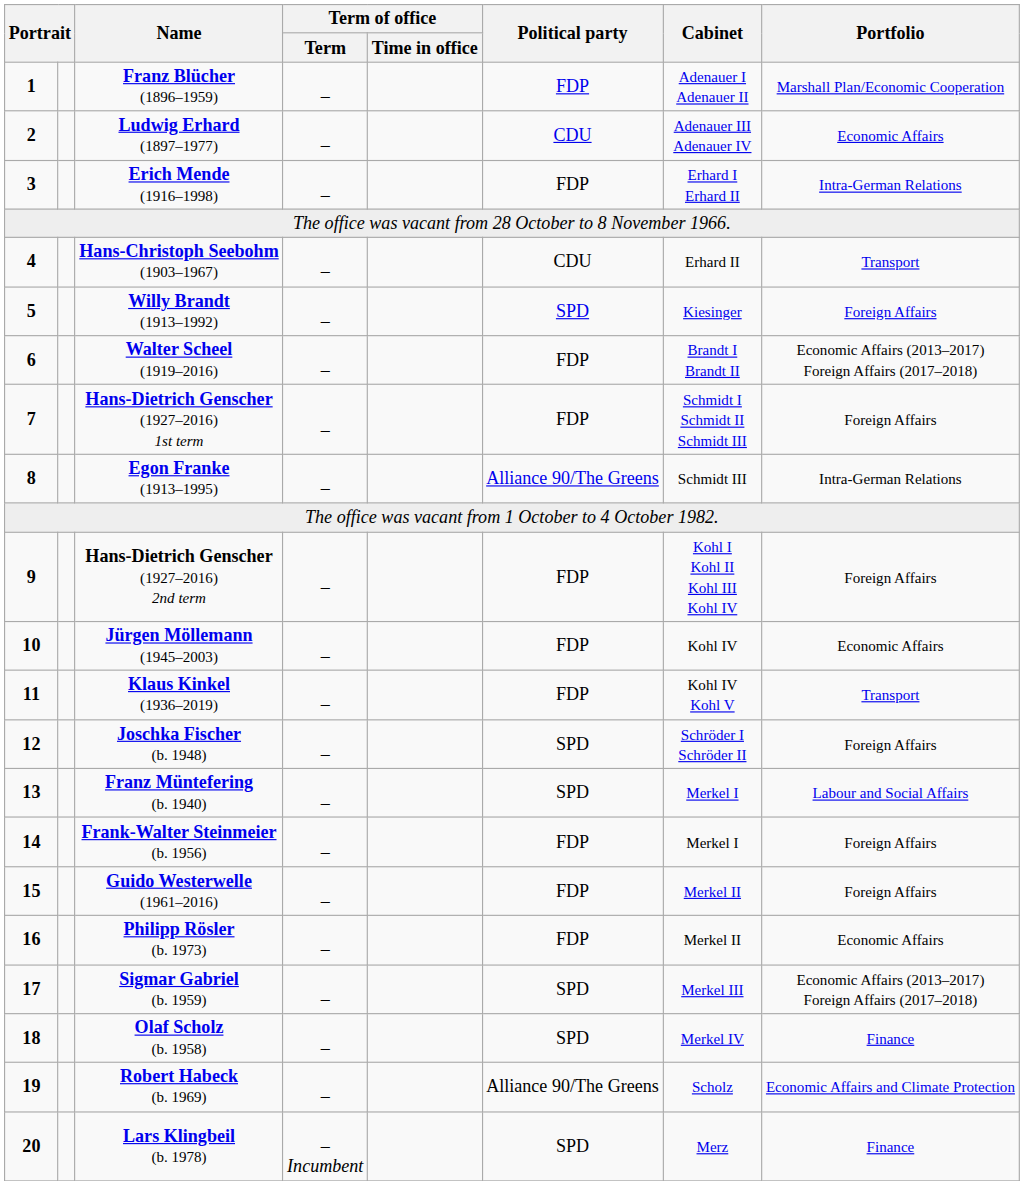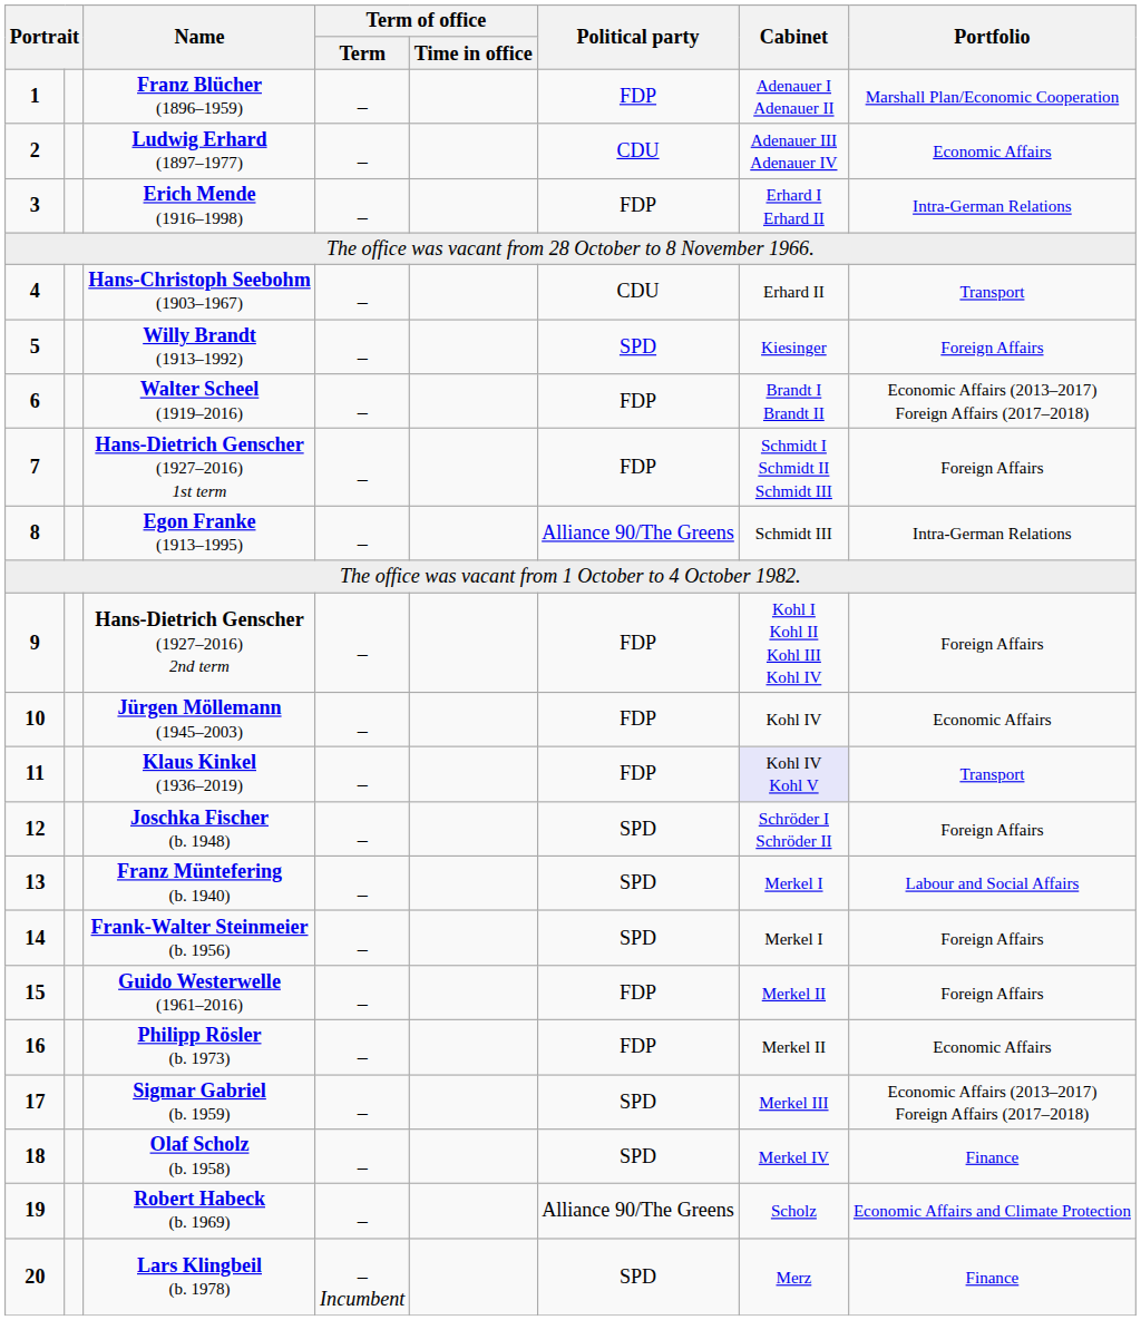 <table class="wikitable" style="text-align:center; border:1px #AAAAFF solid">
 <tr>
 <th rowspan=2 colspan=2>Portrait</th>
 <th rowspan=2>Name<br></th>
 <th colspan=2>Term of office</th>
 <th rowspan=2>Political party</th>
 <th width=80px rowspan=2>Cabinet</th>
 <th rowspan=2>Portfolio</th>
 </tr>
 <tr>
 <th>Term</th>
 <th>Time in office</th>
 </tr>
 <tr>
 <td style="background:"><strong>1</strong></td>
 <td></td>
 <td><strong><a href='#'>Franz Blücher</a></strong><br><small>(1896–1959)</small></td>
 <td><br>–<br></td>
 <td></td>
 <td><a href='#'>FDP</a></td>
 <td><small><a href='#'>Adenauer I</a><br><a href='#'>Adenauer II</a></small></td>
 <td><small><a href='#'>Marshall Plan/Economic Cooperation</a></small></td>
 </tr>
 <tr>
 <td style="background:"><strong>2</strong></td>
 <td></td>
 <td><strong><a href='#'>Ludwig Erhard</a></strong><br><small>(1897–1977)</small></td>
 <td><br>–<br></td>
 <td></td>
 <td><a href='#'>CDU</a></td>
 <td><small><a href='#'>Adenauer III</a><br><a href='#'>Adenauer IV</a></small></td>
 <td><small><a href='#'>Economic Affairs</a></small></td>
 </tr>
 <tr>
 <td style="background:"><strong>3</strong></td>
 <td></td>
 <td><strong><a href='#'>Erich Mende</a></strong><br><small>(1916–1998)</small></td>
 <td><br>–<br></td>
 <td></td>
 <td>FDP</td>
 <td><small><a href='#'>Erhard I</a><br><a href='#'>Erhard II</a></small></td>
 <td><small><a href='#'>Intra-German Relations</a></small></td>
 </tr>
 <tr>
 <td bgcolor=#EEEEEE colspan=10><em>The office was vacant from 28 October to 8 November 1966.</em></td>
 </tr>
 <tr>
 <td style="background:"><strong>4</strong></td>
 <td></td>
 <td><strong><a href='#'>Hans-Christoph Seebohm</a></strong><br><small>(1903–1967)</small></td>
 <td><br>–<br></td>
 <td></td>
 <td>CDU</td>
 <td><small>Erhard II</small></td>
 <td><small><a href='#'>Transport</a></small></td>
 </tr>
 <tr>
 <td style="background:"><strong>5</strong></td>
 <td></td>
 <td><strong><a href='#'>Willy Brandt</a></strong><br><small>(1913–1992)</small></td>
 <td><br>–<br></td>
 <td></td>
 <td><a href='#'>SPD</a></td>
 <td><small><a href='#'>Kiesinger</a></small></td>
 <td><small><a href='#'>Foreign Affairs</a></small></td>
 </tr>
 <tr>
 <td style="background:"><strong>6</strong></td>
 <td></td>
 <td><strong><a href='#'>Walter Scheel</a></strong><br><small>(1919–2016)</small></td>
 <td><br>–<br></td>
 <td></td>
 <td>FDP</td>
 <td><small><a href='#'>Brandt I</a><br><a href='#'>Brandt II</a></small></td>
 <td><small>Economic Affairs (2013–2017)<br>Foreign Affairs (2017–2018)</small></td>
 </tr>
 <tr>
 <td style="background:"><strong>7</strong></td>
 <td></td>
 <td><strong><a href='#'>Hans-Dietrich Genscher</a></strong><br><small>(1927–2016)<br><em>1st term</em></small></td>
 <td><br>–<br></td>
 <td></td>
 <td>FDP</td>
 <td><small><a href='#'>Schmidt I</a><br><a href='#'>Schmidt II</a><br><a href='#'>Schmidt III</a></small></td>
 <td><small>Foreign Affairs</small></td>
 </tr>
 <tr>
 <td style="background:"><strong>8</strong></td>
 <td></td>
 <td><strong><a href='#'>Egon Franke</a></strong><br><small>(1913–1995)</small></td>
 <td><br>–<br></td>
 <td></td>
 <td><a href='#'>Alliance 90/The Greens</a></td>
 <td><small>Schmidt III</small></td>
 <td><small>Intra-German Relations</small></td>
 </tr>
 <tr>
 <td bgcolor=#EEEEEE colspan=10><em>The office was vacant from 1 October to 4 October 1982.</em></td>
 </tr>
 <tr>
 <td style="background:"><strong>9</strong></td>
 <td></td>
 <td><strong>Hans-Dietrich Genscher</strong><br><small>(1927–2016)<br><em>2nd term</em></small></td>
 <td><br>–<br></td>
 <td></td>
 <td>FDP</td>
 <td><small><a href='#'>Kohl I</a><br><a href='#'>Kohl II</a><br><a href='#'>Kohl III</a><br><a href='#'>Kohl IV</a></small></td>
 <td><small>Foreign Affairs</small></td>
 </tr>
 <tr>
 <td style="background:"><strong>10</strong></td>
 <td></td>
 <td><strong><a href='#'>Jürgen Möllemann</a></strong><br><small>(1945–2003)</small></td>
 <td><br>–<br></td>
 <td></td>
 <td>FDP</td>
 <td><small>Kohl IV</small></td>
 <td><small>Economic Affairs</small></td>
 </tr>
 <tr>
 <td style="background:"><strong>11</strong></td>
 <td></td>
 <td><strong><a href='#'>Klaus Kinkel</a></strong><br><small>(1936–2019)</small></td>
 <td><br>–<br></td>
 <td></td>
 <td>FDP</td>
-<td><small>Kohl IV<br><a href='#'>Kohl V</a></small></td>
+<td style="background: lavender;"><small>Kohl IV<br><a href='#'>Kohl V</a></small></td>
 <td><small><a href='#'>Transport</a></small></td>
 </tr>
 <tr>
 <td style="background:"><strong>12</strong></td>
 <td></td>
 <td><strong><a href='#'>Joschka Fischer</a></strong><br><small>(b. 1948)</small></td>
 <td><br>–<br></td>
 <td></td>
 <td>SPD</td>
 <td><small><a href='#'>Schröder I</a><br><a href='#'>Schröder II</a></small></td>
 <td><small>Foreign Affairs</small></td>
 </tr>
 <tr>
 <td style="background:"><strong>13</strong></td>
 <td></td>
 <td><strong><a href='#'>Franz Müntefering</a></strong><br><small>(b. 1940)</small></td>
 <td><br>–<br></td>
 <td></td>
 <td>SPD</td>
 <td><small><a href='#'>Merkel I</a></small></td>
 <td><small><a href='#'>Labour and Social Affairs</a></small></td>
 </tr>
 <tr>
 <td style="background:"><strong>14</strong></td>
 <td></td>
 <td><strong><a href='#'>Frank-Walter Steinmeier</a></strong><br><small>(b. 1956)</small></td>
 <td><br>–<br></td>
 <td></td>
-<td>FDP</td>
+<td>SPD</td>
 <td><small>Merkel I</small></td>
 <td><small>Foreign Affairs</small></td>
 </tr>
 <tr>
 <td style="background:"><strong>15</strong></td>
 <td></td>
 <td><strong><a href='#'>Guido Westerwelle</a></strong><br><small>(1961–2016)</small></td>
 <td><br>–<br></td>
 <td></td>
 <td>FDP</td>
 <td><small><a href='#'>Merkel II</a></small></td>
 <td><small>Foreign Affairs</small></td>
 </tr>
 <tr>
 <td style="background:"><strong>16</strong></td>
 <td></td>
 <td><strong><a href='#'>Philipp Rösler</a></strong><br><small>(b. 1973)</small></td>
 <td><br>–<br></td>
 <td></td>
 <td>FDP</td>
 <td><small>Merkel II</small></td>
 <td><small>Economic Affairs</small></td>
 </tr>
 <tr>
 <td style="background:"><strong>17</strong></td>
 <td></td>
 <td><strong><a href='#'>Sigmar Gabriel</a></strong><br><small>(b. 1959)</small></td>
 <td><br>–<br></td>
 <td></td>
 <td>SPD</td>
 <td><small><a href='#'>Merkel III</a></small></td>
 <td><small>Economic Affairs (2013–2017)<br>Foreign Affairs (2017–2018)</small></td>
 </tr>
 <tr>
 <td style="background:"><strong>18</strong></td>
 <td></td>
 <td><strong><a href='#'>Olaf Scholz</a></strong><br><small>(b. 1958)</small></td>
 <td><br>–<br></td>
 <td></td>
 <td>SPD</td>
 <td><small><a href='#'>Merkel IV</a></small></td>
 <td><small><a href='#'>Finance</a></small></td>
 </tr>
 <tr>
 <td style="background:"><strong>19</strong></td>
 <td></td>
 <td><strong><a href='#'>Robert Habeck</a></strong><br><small>(b. 1969)</small></td>
 <td><br>–<br></td>
 <td></td>
 <td>Alliance 90/The Greens</td>
 <td><small><a href='#'>Scholz</a></small></td>
 <td><small><a href='#'>Economic Affairs and Climate Protection</a></small></td>
 </tr>
 <tr>
 <td style="background:"><strong>20</strong></td>
 <td></td>
 <td><strong><a href='#'>Lars Klingbeil</a></strong><br><small>(b. 1978)</small></td>
 <td><br>–<br><em>Incumbent</em></td>
 <td></td>
 <td>SPD</td>
 <td><small><a href='#'>Merz</a></small></td>
 <td><small><a href='#'>Finance</a></small></td>
 </tr>
 </table>
